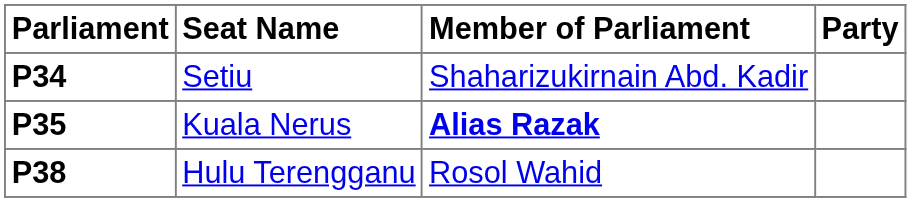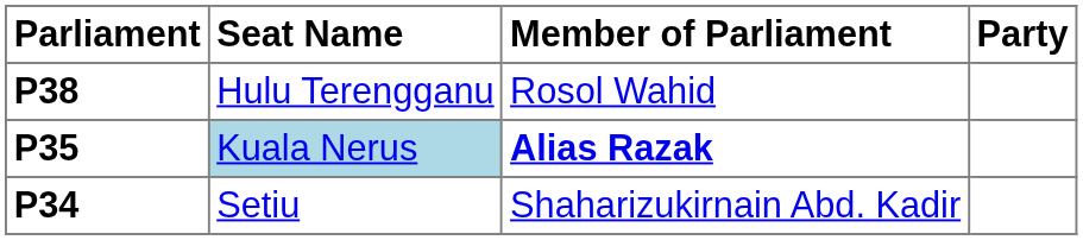 <table class="toccolours sortable" border="1" cellpadding="3" style="border-collapse:collapse; text-align: left;">
 <tr>
 <th align="center">Parliament</th>
 <th>Seat Name</th>
 <th>Member of Parliament</th>
 <th>Party</th>
 </tr>
 <tr>
+<th align="left">P38</th>
+<td><a href='#'>Hulu Terengganu</a></td>
+<td><a href='#'>Rosol Wahid</a></td>
+<td></td>
+</tr>
+<tr>
+<th align="left">P35</th>
+<td style="background: lightblue;"><a href='#'>Kuala Nerus</a></td>
+<td><strong><a href='#'>Alias Razak</a></strong></td>
+<td></td>
+</tr>
+<tr>
 <th align="left">P34</th>
 <td><a href='#'>Setiu</a></td>
 <td><a href='#'>Shaharizukirnain Abd. Kadir</a></td>
 <td></td>
 </tr>
-<tr>
-<th align="left">P35</th>
-<td><a href='#'>Kuala Nerus</a></td>
-<td><strong><a href='#'>Alias Razak</a></strong></td>
-<td></td>
-</tr>
-<tr>
-<th align="left">P38</th>
-<td><a href='#'>Hulu Terengganu</a></td>
-<td><a href='#'>Rosol Wahid</a></td>
-<td></td>
-</tr>
 </table>
